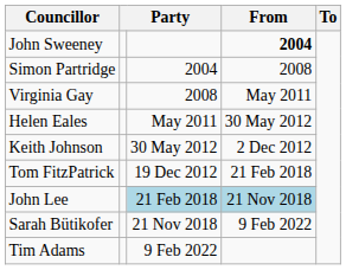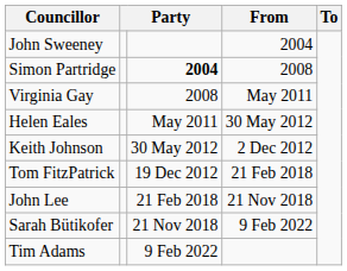 <table class=wikitable>
 <tr>
 <th>Councillor</th>
 <th colspan=2>Party</th>
 <th>From</th>
 <th>To</th>
 </tr>
 <tr>
 <td>John Sweeney</td>
 <td></td>
 <td align=right></td>
-<td align=right><strong>2004</strong></td>
+<td align=right>2004</td>
 </tr>
 <tr>
 <td>Simon Partridge</td>
 <td></td>
-<td align=right>2004</td>
+<td align=right><strong>2004</strong></td>
 <td align=right>2008</td>
 </tr>
 <tr>
 <td>Virginia Gay</td>
 <td></td>
 <td align=right>2008</td>
 <td align=right>May 2011</td>
 </tr>
 <tr>
 <td>Helen Eales</td>
 <td></td>
 <td align=right>May 2011</td>
 <td align=right>30 May 2012</td>
 </tr>
 <tr>
 <td>Keith Johnson</td>
 <td></td>
 <td align=right>30 May 2012</td>
 <td align=right>2 Dec 2012</td>
 </tr>
 <tr>
 <td>Tom FitzPatrick</td>
 <td></td>
 <td align=right>19 Dec 2012</td>
 <td align=right>21 Feb 2018</td>
 </tr>
 <tr>
 <td>John Lee</td>
 <td></td>
-<td align=right style="background: lightblue;">21 Feb 2018</td>
-<td align=right style="background: lightblue;">21 Nov 2018</td>
+<td align=right>21 Feb 2018</td>
+<td align=right>21 Nov 2018</td>
 </tr>
 <tr>
 <td>Sarah Bütikofer</td>
 <td></td>
 <td align=right>21 Nov 2018</td>
 <td align=right>9 Feb 2022</td>
 </tr>
 <tr>
 <td>Tim Adams</td>
 <td></td>
 <td align=right>9 Feb 2022</td>
 <td></td>
 </tr>
 </table>
